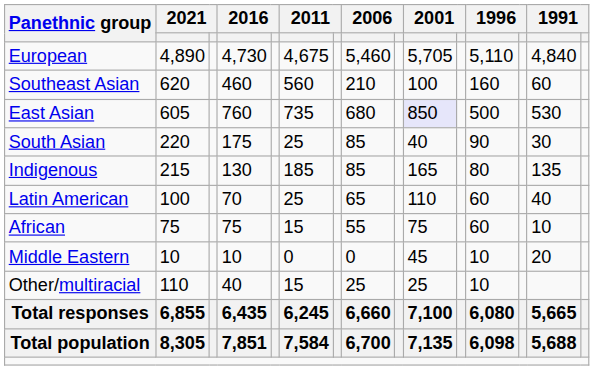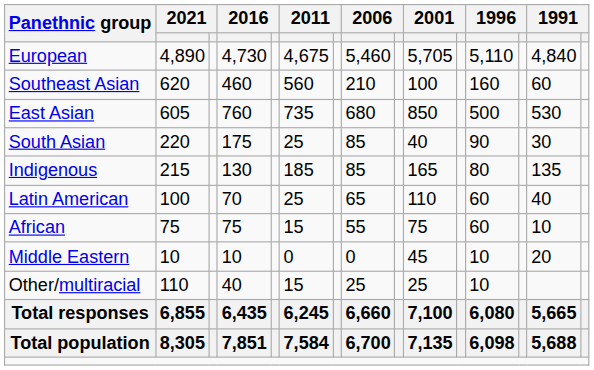 <table class="wikitable collapsible sortable">
 <tr>
 <th rowspan="2"><a href='#'>Panethnic</a> group</th>
 <th colspan="2">2021</th>
 <th colspan="2">2016</th>
 <th colspan="2">2011</th>
 <th colspan="2">2006</th>
 <th colspan="2">2001</th>
 <th colspan="2">1996</th>
 <th colspan="2">1991</th>
 </tr>
 <tr>
 <th><a href='#'></a></th>
 <th></th>
 <th></th>
 <th></th>
 <th></th>
 <th></th>
 <th></th>
 <th></th>
 <th></th>
 <th></th>
 <th></th>
 <th></th>
 <th></th>
 <th></th>
 </tr>
 <tr>
 <td><a href='#'>European</a></td>
 <td>4,890</td>
 <td></td>
 <td>4,730</td>
 <td></td>
 <td>4,675</td>
 <td></td>
 <td>5,460</td>
 <td></td>
 <td>5,705</td>
 <td></td>
 <td>5,110</td>
 <td></td>
 <td>4,840</td>
 <td></td>
 </tr>
 <tr>
 <td><a href='#'>Southeast Asian</a></td>
 <td>620</td>
 <td></td>
 <td>460</td>
 <td></td>
 <td>560</td>
 <td></td>
 <td>210</td>
 <td></td>
 <td>100</td>
 <td></td>
 <td>160</td>
 <td></td>
 <td>60</td>
 <td></td>
 </tr>
 <tr>
 <td><a href='#'>East Asian</a></td>
 <td>605</td>
 <td></td>
 <td>760</td>
 <td></td>
 <td>735</td>
 <td></td>
 <td>680</td>
 <td></td>
-<td style="background: lavender;">850</td>
+<td>850</td>
 <td></td>
 <td>500</td>
 <td></td>
 <td>530</td>
 <td></td>
 </tr>
 <tr>
 <td><a href='#'>South Asian</a></td>
 <td>220</td>
 <td></td>
 <td>175</td>
 <td></td>
 <td>25</td>
 <td></td>
 <td>85</td>
 <td></td>
 <td>40</td>
 <td></td>
 <td>90</td>
 <td></td>
 <td>30</td>
 <td></td>
 </tr>
 <tr>
 <td><a href='#'>Indigenous</a></td>
 <td>215</td>
 <td></td>
 <td>130</td>
 <td></td>
 <td>185</td>
 <td></td>
 <td>85</td>
 <td></td>
 <td>165</td>
 <td></td>
 <td>80</td>
 <td></td>
 <td>135</td>
 <td></td>
 </tr>
 <tr>
 <td><a href='#'>Latin American</a></td>
 <td>100</td>
 <td></td>
 <td>70</td>
 <td></td>
 <td>25</td>
 <td></td>
 <td>65</td>
 <td></td>
 <td>110</td>
 <td></td>
 <td>60</td>
 <td></td>
 <td>40</td>
 <td></td>
 </tr>
 <tr>
 <td><a href='#'>African</a></td>
 <td>75</td>
 <td></td>
 <td>75</td>
 <td></td>
 <td>15</td>
 <td></td>
 <td>55</td>
 <td></td>
 <td>75</td>
 <td></td>
 <td>60</td>
 <td></td>
 <td>10</td>
 <td></td>
 </tr>
 <tr>
 <td><a href='#'>Middle Eastern</a></td>
 <td>10</td>
 <td></td>
 <td>10</td>
 <td></td>
 <td>0</td>
 <td></td>
 <td>0</td>
 <td></td>
 <td>45</td>
 <td></td>
 <td>10</td>
 <td></td>
 <td>20</td>
 <td></td>
 </tr>
 <tr>
 <td>Other/<a href='#'>multiracial</a></td>
 <td>110</td>
 <td></td>
 <td>40</td>
 <td></td>
 <td>15</td>
 <td></td>
 <td>25</td>
 <td></td>
 <td>25</td>
 <td></td>
 <td>10</td>
 <td></td>
 <td></td>
 <td></td>
 </tr>
 <tr>
 <th>Total responses</th>
 <th>6,855</th>
 <th></th>
 <th>6,435</th>
 <th></th>
 <th>6,245</th>
 <th></th>
 <th>6,660</th>
 <th></th>
 <th>7,100</th>
 <th></th>
 <th>6,080</th>
 <th></th>
 <th>5,665</th>
 <th></th>
 </tr>
 <tr class="sortbottom">
 <th>Total population</th>
 <th>8,305</th>
 <th></th>
 <th>7,851</th>
 <th></th>
 <th>7,584</th>
 <th></th>
 <th>6,700</th>
 <th></th>
 <th>7,135</th>
 <th></th>
 <th>6,098</th>
 <th></th>
 <th>5,688</th>
 <th></th>
 </tr>
 <tr class="sortbottom">
 <td colspan="15"></td>
 </tr>
 </table>
